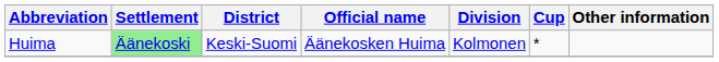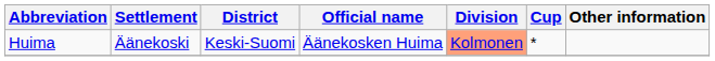 <table class="wikitable" style="text-align:left">
 <tr>
 <th style= width="120px"><a href='#'>Abbreviation</a></th>
 <th style= width="110px"><a href='#'>Settlement</a></th>
 <th style= width="80px"><a href='#'>District</a></th>
 <th style= width="200px"><a href='#'>Official name</a></th>
 <th style= width="80px"><a href='#'>Division</a></th>
 <th style= width="40px"><a href='#'>Cup</a></th>
 <th style= width="220px">Other information</th>
 </tr>
 <tr>
 <td><a href='#'>Huima</a></td>
-<td style="background: lightgreen;"><a href='#'>Äänekoski</a></td>
+<td><a href='#'>Äänekoski</a></td>
 <td><a href='#'>Keski-Suomi</a></td>
 <td><a href='#'>Äänekosken Huima</a></td>
-<td><a href='#'>Kolmonen</a></td>
+<td style="background: lightsalmon;"><a href='#'>Kolmonen</a></td>
 <td>*</td>
 <td></td>
 </tr>
 <tr>
 </tr>
 </table>
